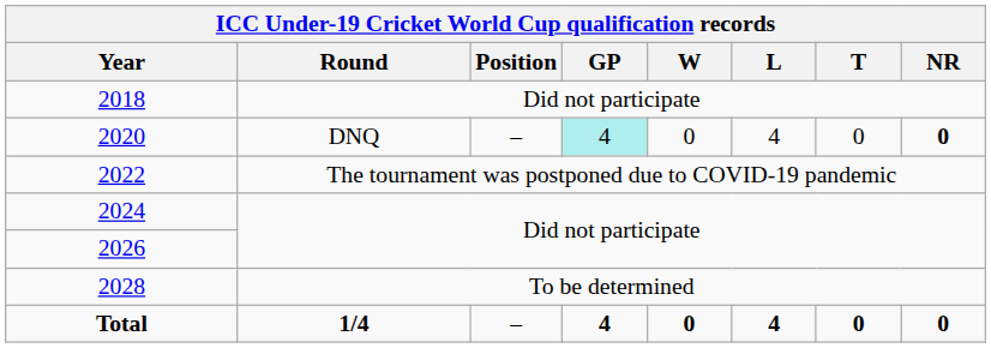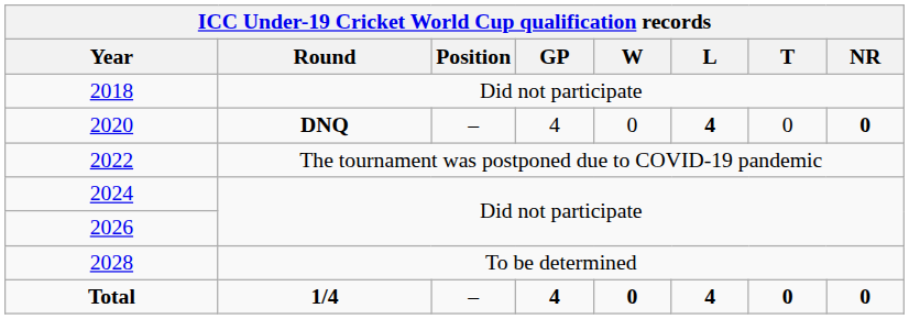 <table class="wikitable" style="text-align: center; width=900px;">
 <tr>
 <th colspan=9><a href='#'>ICC Under-19 Cricket World Cup qualification</a> records</th>
 </tr>
 <tr>
 <th width=150>Year</th>
 <th width=150>Round</th>
 <th width=50>Position</th>
 <th width=50>GP</th>
 <th width=50>W</th>
 <th width=50>L</th>
 <th width=50>T</th>
 <th width=50>NR</th>
 </tr>
 <tr>
 <td> <a href='#'>2018</a></td>
 <td colspan=8 rowspan=1>Did not participate</td>
 </tr>
 <tr>
 <td> <a href='#'>2020</a></td>
-<td>DNQ</td>
+<td><strong>DNQ</strong></td>
 <td>–</td>
-<td style="background: paleturquoise;">4</td>
+<td>4</td>
 <td>0</td>
-<td>4</td>
+<td><strong>4</strong></td>
 <td>0</td>
 <td><strong>0</strong></td>
 </tr>
 <tr>
 <td> <a href='#'>2022</a></td>
 <td colspan=8>The tournament was postponed due to COVID-19 pandemic</td>
 </tr>
 <tr>
 <td> <a href='#'>2024</a></td>
 <td colspan=8 rowspan=2>Did not participate</td>
 </tr>
 <tr>
 <td> <a href='#'>2026</a></td>
 </tr>
 <tr>
 <td> <a href='#'>2028</a></td>
 <td rowspan=1 colspan=8>To be determined</td>
 </tr>
 <tr>
 <td><strong>Total</strong></td>
 <td><strong>1/4</strong></td>
 <td>–</td>
 <td><strong>4</strong></td>
 <td><strong>0</strong></td>
 <td><strong>4</strong></td>
 <td><strong>0</strong></td>
 <td><strong>0</strong></td>
 </tr>
 </table>
